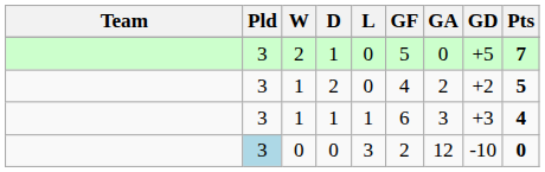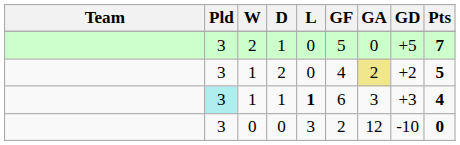 <table class="wikitable" style="text-align:center;">
 <tr>
 <th width=180>Team</th>
 <th width=20>Pld</th>
 <th width=20>W</th>
 <th width=20>D</th>
 <th width=20>L</th>
 <th width=20>GF</th>
 <th width=20>GA</th>
 <th width=20>GD</th>
 <th width=20>Pts</th>
 </tr>
 <tr>
 </tr>
 <tr bgcolor=ccffcc>
 <td align="left"></td>
 <td>3</td>
 <td>2</td>
 <td>1</td>
 <td>0</td>
 <td>5</td>
 <td>0</td>
 <td>+5</td>
 <td><strong>7</strong></td>
 </tr>
 <tr>
 <td align="left"></td>
 <td>3</td>
 <td>1</td>
 <td>2</td>
 <td>0</td>
 <td>4</td>
-<td>2</td>
+<td style="background: khaki;">2</td>
 <td>+2</td>
 <td><strong>5</strong></td>
 </tr>
 <tr>
 <td align="left"></td>
-<td>3</td>
+<td style="background: paleturquoise;">3</td>
 <td>1</td>
 <td>1</td>
-<td>1</td>
+<td><strong>1</strong></td>
 <td>6</td>
 <td>3</td>
 <td>+3</td>
 <td><strong>4</strong></td>
 </tr>
 <tr>
 <td align="left"></td>
-<td style="background: lightblue;">3</td>
+<td>3</td>
 <td>0</td>
 <td>0</td>
 <td>3</td>
 <td>2</td>
 <td>12</td>
 <td>-10</td>
 <td><strong>0</strong></td>
 </tr>
 </table>
